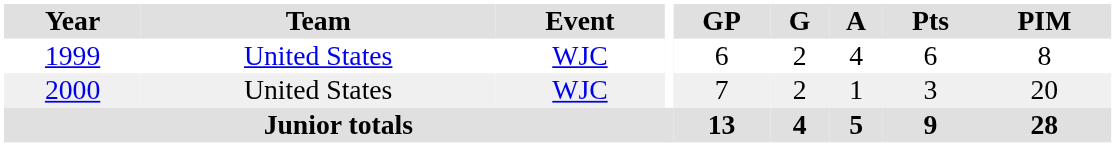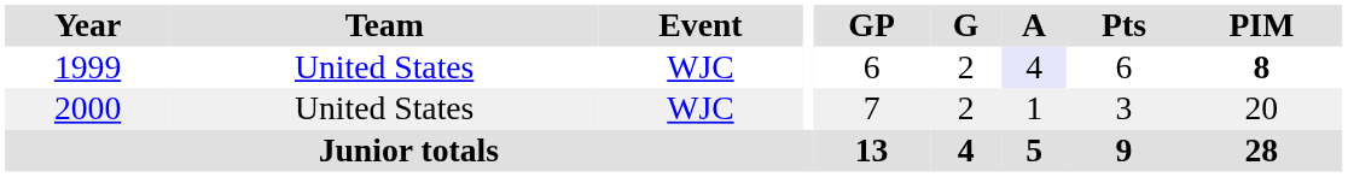 <table border="0" cellpadding="1" cellspacing="0" ID="Table3" style="text-align:center; width:40em">
 <tr bgcolor="#e0e0e0">
 <th>Year</th>
 <th>Team</th>
 <th>Event</th>
 <th rowspan="102" bgcolor="#ffffff"></th>
 <th>GP</th>
 <th>G</th>
 <th>A</th>
 <th>Pts</th>
 <th>PIM</th>
 </tr>
 <tr>
 <td><a href='#'>1999</a></td>
 <td><a href='#'>United States</a></td>
 <td><a href='#'>WJC</a></td>
 <td>6</td>
 <td>2</td>
-<td>4</td>
+<td style="background: lavender;">4</td>
 <td>6</td>
-<td>8</td>
+<td><strong>8</strong></td>
 </tr>
 <tr bgcolor="#f0f0f0">
 <td><a href='#'>2000</a></td>
 <td>United States</td>
 <td><a href='#'>WJC</a></td>
 <td>7</td>
 <td>2</td>
 <td>1</td>
 <td>3</td>
 <td>20</td>
 </tr>
 <tr bgcolor="#e0e0e0">
 <th colspan=4>Junior totals</th>
 <th>13</th>
 <th>4</th>
 <th>5</th>
 <th>9</th>
 <th>28</th>
 </tr>
 </table>
